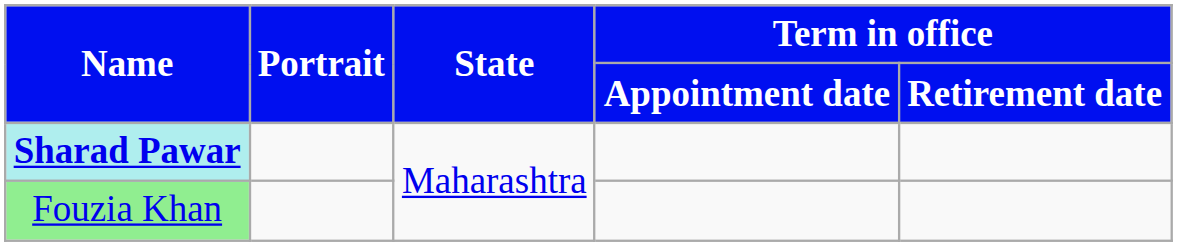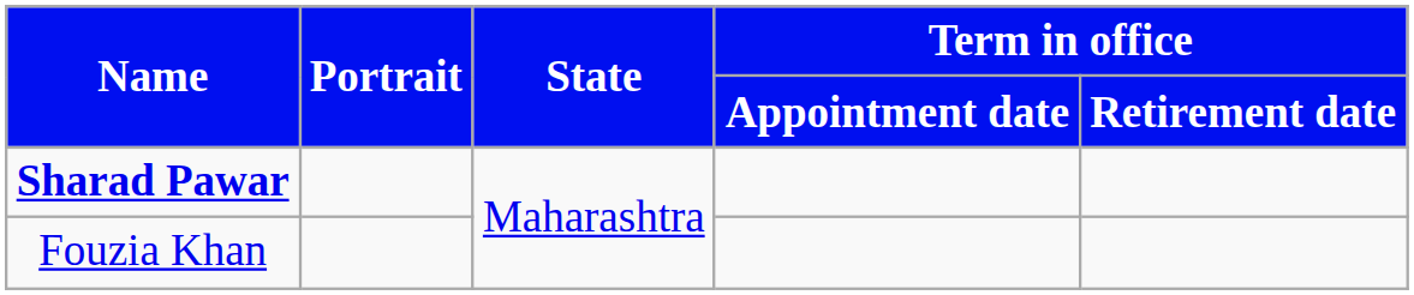 <table class="wikitable sortable" style="text-align:center;">
 <tr>
 <th rowspan=2 style="background-color:#000ff0;color:white">Name</th>
 <th rowspan=2 style="background-color:#000ff0;color:white">Portrait</th>
 <th rowspan=2 style="background-color:#000ff0;color:white">State</th>
 <th colspan=2 style="background-color:#000ff0;color:white">Term in office</th>
 </tr>
 <tr>
 <th style="background-color:#000ff0;color:white">Appointment date</th>
 <th style="background-color:#000ff0;color:white">Retirement date</th>
 </tr>
 <tr>
-<td style="background: paleturquoise;"><strong><a href='#'>Sharad Pawar</a></strong></td>
+<td><strong><a href='#'>Sharad Pawar</a></strong></td>
 <td></td>
 <td rowspan="2"><a href='#'>Maharashtra</a></td>
 <td></td>
 <td></td>
 </tr>
 <tr>
-<td style="background: lightgreen;"><a href='#'>Fouzia Khan</a></td>
+<td><a href='#'>Fouzia Khan</a></td>
 <td></td>
 <td></td>
 <td></td>
 </tr>
 </table>
